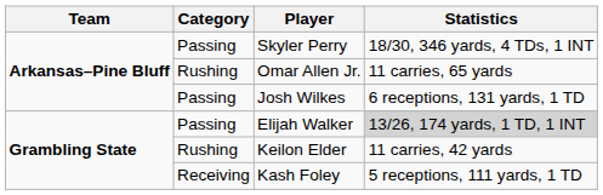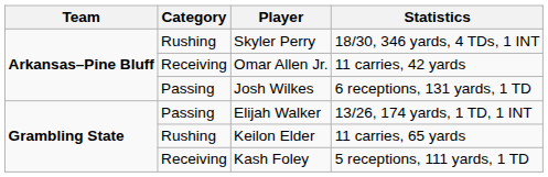 <table class="wikitable" style="float: left;">
 <tr>
 <th>Team</th>
 <th>Category</th>
 <th>Player</th>
 <th>Statistics</th>
 </tr>
 <tr>
 <td rowspan=3><strong>Arkansas–Pine Bluff</strong></td>
-<td>Passing</td>
+<td>Rushing</td>
 <td>Skyler Perry</td>
 <td>18/30, 346 yards, 4 TDs, 1 INT</td>
 </tr>
 <tr>
-<td>Rushing</td>
+<td>Receiving</td>
 <td>Omar Allen Jr.</td>
-<td>11 carries, 65 yards</td>
+<td>11 carries, 42 yards</td>
 </tr>
 <tr>
 <td>Passing</td>
 <td>Josh Wilkes</td>
 <td>6 receptions, 131 yards, 1 TD</td>
 </tr>
 <tr>
 <td rowspan=3><strong>Grambling State</strong></td>
 <td>Passing</td>
 <td>Elijah Walker</td>
-<td style="background: lightgrey;">13/26, 174 yards, 1 TD, 1 INT</td>
+<td>13/26, 174 yards, 1 TD, 1 INT</td>
 </tr>
 <tr>
 <td>Rushing</td>
 <td>Keilon Elder</td>
-<td>11 carries, 42 yards</td>
+<td>11 carries, 65 yards</td>
 </tr>
 <tr>
 <td>Receiving</td>
 <td>Kash Foley</td>
 <td>5 receptions, 111 yards, 1 TD</td>
 </tr>
 </table>
